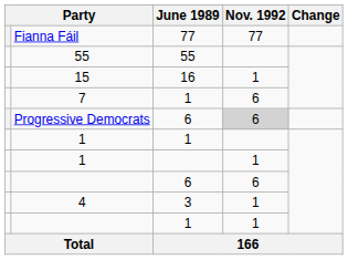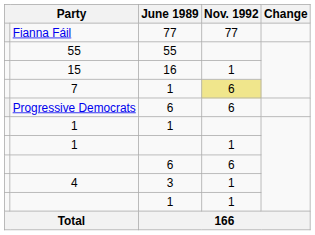 <table class="wikitable sortable" style="font-size: 95%;">
 <tr>
 <th colspan=2>Party</th>
 <th>June 1989</th>
 <th>Nov. 1992</th>
 <th class"unsortable">Change</th>
 </tr>
 <tr>
 <th style="background-color: "></th>
 <td><a href='#'>Fianna Fáil</a></td>
 <td align="center">77</td>
 <td align="center">77</td>
 <td align="center"></td>
 </tr>
 <tr>
 <td></td>
 <td align="center">55</td>
 <td align="center">55</td>
 <td align="center"></td>
 </tr>
 <tr>
 <td></td>
 <td align="center">15</td>
 <td align="center">16</td>
 <td align="center"> 1</td>
 </tr>
 <tr>
 <td></td>
 <td align="center">7</td>
 <td align="center">1</td>
-<td align="center"> 6</td>
+<td align="center" style="background: khaki;"> 6</td>
 </tr>
 <tr>
 <th style="background-color: "></th>
 <td><a href='#'>Progressive Democrats</a></td>
 <td align="center">6</td>
-<td align="center" style="background: lightgrey;">6</td>
+<td align="center">6</td>
 <td align="center"></td>
 </tr>
 <tr>
 <td></td>
 <td align="center">1</td>
 <td align="center">1</td>
 <td align="center"></td>
 </tr>
 <tr>
 <td></td>
 <td align="center">1</td>
 <td></td>
 <td align="center"> 1</td>
 </tr>
 <tr>
 <td></td>
 <td></td>
 <td align="center">6</td>
 <td align="center"> 6</td>
 </tr>
 <tr>
 <td></td>
 <td align="center">4</td>
 <td align="center">3</td>
 <td align="center"> 1</td>
 </tr>
 <tr>
 <td></td>
 <td></td>
 <td align="center">1</td>
 <td align="center"> 1</td>
 </tr>
 <tr>
 <th colspan="2">Total</th>
 <th colspan="3" align="center">166</th>
 </tr>
 </table>
